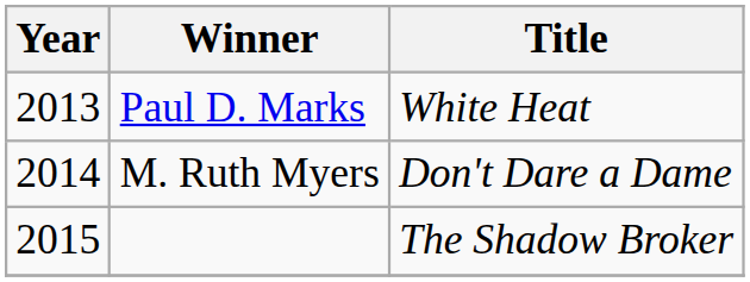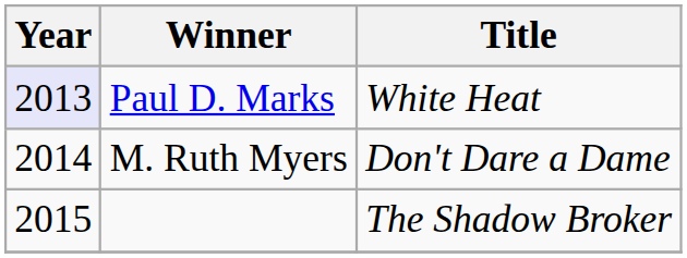 <table class="wikitable sortable">
 <tr>
 <th>Year</th>
 <th>Winner</th>
 <th>Title</th>
 </tr>
 <tr>
-<td>2013</td>
+<td style="background: lavender;">2013</td>
 <td><a href='#'>Paul D. Marks</a></td>
 <td><em>White Heat</em></td>
 </tr>
 <tr>
 <td>2014</td>
 <td>M. Ruth Myers</td>
 <td><em>Don't Dare a Dame</em></td>
 </tr>
 <tr>
 <td>2015</td>
 <td></td>
 <td><em>The Shadow Broker</em></td>
 </tr>
 <tr>
 </tr>
 </table>
